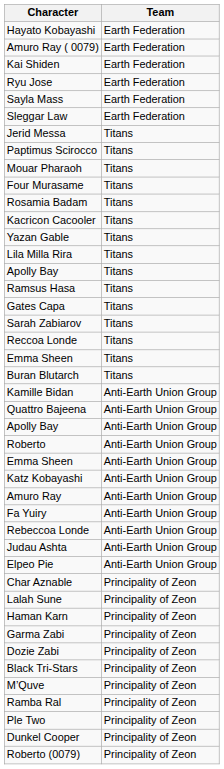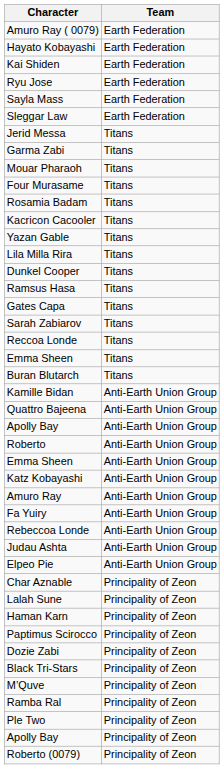 <table class="wikitable">
 <tr>
 <th>Character</th>
 <th>Team</th>
 </tr>
 <tr>
-<td>Hayato Kobayashi</td>
+<td>Amuro Ray ( 0079)</td>
 <td>Earth Federation</td>
 </tr>
 <tr>
-<td>Amuro Ray ( 0079)</td>
+<td>Hayato Kobayashi</td>
 <td>Earth Federation</td>
 </tr>
 <tr>
 <td>Kai Shiden</td>
 <td>Earth Federation</td>
 </tr>
 <tr>
 <td>Ryu Jose</td>
 <td>Earth Federation</td>
 </tr>
 <tr>
 <td>Sayla Mass</td>
 <td>Earth Federation</td>
 </tr>
 <tr>
 <td>Sleggar Law</td>
 <td>Earth Federation</td>
 </tr>
 <tr>
 <td>Jerid Messa</td>
 <td>Titans</td>
 </tr>
 <tr>
-<td>Paptimus Scirocco</td>
+<td>Garma Zabi</td>
 <td>Titans</td>
 </tr>
 <tr>
 <td>Mouar Pharaoh</td>
 <td>Titans</td>
 </tr>
 <tr>
 <td>Four Murasame</td>
 <td>Titans</td>
 </tr>
 <tr>
 <td>Rosamia Badam</td>
 <td>Titans</td>
 </tr>
 <tr>
 <td>Kacricon Cacooler</td>
 <td>Titans</td>
 </tr>
 <tr>
 <td>Yazan Gable</td>
 <td>Titans</td>
 </tr>
 <tr>
 <td>Lila Milla Rira</td>
 <td>Titans</td>
 </tr>
 <tr>
-<td>Apolly Bay</td>
+<td>Dunkel Cooper</td>
 <td>Titans</td>
 </tr>
 <tr>
 <td>Ramsus Hasa</td>
 <td>Titans</td>
 </tr>
 <tr>
 <td>Gates Capa</td>
 <td>Titans</td>
 </tr>
 <tr>
 <td>Sarah Zabiarov</td>
 <td>Titans</td>
 </tr>
 <tr>
 <td>Reccoa Londe</td>
 <td>Titans</td>
 </tr>
 <tr>
 <td>Emma Sheen</td>
 <td>Titans</td>
 </tr>
 <tr>
 <td>Buran Blutarch</td>
 <td>Titans</td>
 </tr>
 <tr>
 <td>Kamille Bidan</td>
 <td>Anti-Earth Union Group</td>
 </tr>
 <tr>
 <td>Quattro Bajeena</td>
 <td>Anti-Earth Union Group</td>
 </tr>
 <tr>
 <td>Apolly Bay</td>
 <td>Anti-Earth Union Group</td>
 </tr>
 <tr>
 <td>Roberto</td>
 <td>Anti-Earth Union Group</td>
 </tr>
 <tr>
 <td>Emma Sheen</td>
 <td>Anti-Earth Union Group</td>
 </tr>
 <tr>
 <td>Katz Kobayashi</td>
 <td>Anti-Earth Union Group</td>
 </tr>
 <tr>
 <td>Amuro Ray</td>
 <td>Anti-Earth Union Group</td>
 </tr>
 <tr>
 <td>Fa Yuiry</td>
 <td>Anti-Earth Union Group</td>
 </tr>
 <tr>
 <td>Rebeccoa Londe</td>
 <td>Anti-Earth Union Group</td>
 </tr>
 <tr>
 <td>Judau Ashta</td>
 <td>Anti-Earth Union Group</td>
 </tr>
 <tr>
 <td>Elpeo Pie</td>
 <td>Anti-Earth Union Group</td>
 </tr>
 <tr>
 <td>Char Aznable</td>
 <td>Principality of Zeon</td>
 </tr>
 <tr>
 <td>Lalah Sune</td>
 <td>Principality of Zeon</td>
 </tr>
 <tr>
 <td>Haman Karn</td>
 <td>Principality of Zeon</td>
 </tr>
 <tr>
-<td>Garma Zabi</td>
+<td>Paptimus Scirocco</td>
 <td>Principality of Zeon</td>
 </tr>
 <tr>
 <td>Dozie Zabi</td>
 <td>Principality of Zeon</td>
 </tr>
 <tr>
 <td>Black Tri-Stars</td>
 <td>Principality of Zeon</td>
 </tr>
 <tr>
 <td>M’Quve</td>
 <td>Principality of Zeon</td>
 </tr>
 <tr>
 <td>Ramba Ral</td>
 <td>Principality of Zeon</td>
 </tr>
 <tr>
 <td>Ple Two</td>
 <td>Principality of Zeon</td>
 </tr>
 <tr>
-<td>Dunkel Cooper</td>
+<td>Apolly Bay</td>
 <td>Principality of Zeon</td>
 </tr>
 <tr>
 <td>Roberto (0079)</td>
 <td>Principality of Zeon</td>
 </tr>
 </table>
